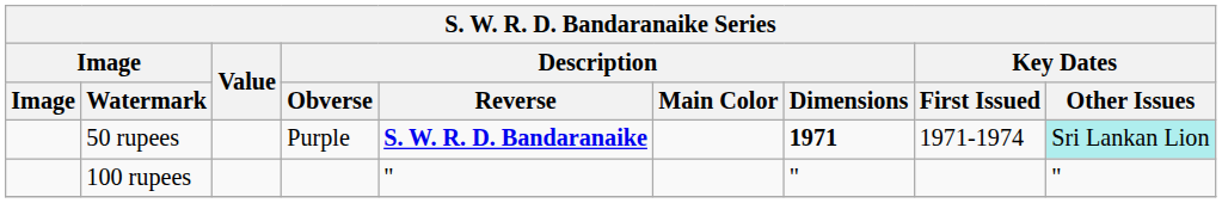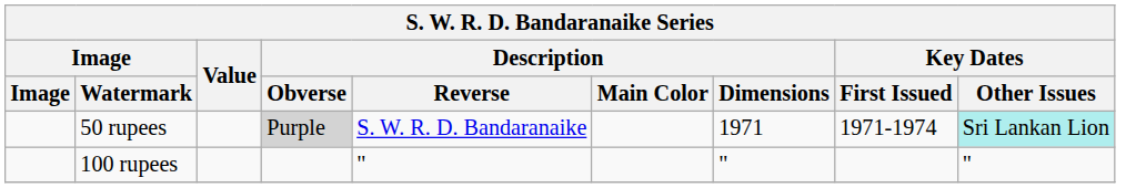 <table class="wikitable" style="font-size: 100%">
 <tr>
 <th colspan="10">S. W. R. D. Bandaranaike Series</th>
 </tr>
 <tr>
 <th colspan="2">Image</th>
 <th rowspan="2">Value</th>
 <th colspan="4">Description</th>
 <th colspan="2">Key Dates</th>
 </tr>
 <tr>
 <th>Image</th>
 <th>Watermark</th>
 <th>Obverse</th>
 <th>Reverse</th>
 <th>Main Color</th>
 <th>Dimensions</th>
 <th>First Issued</th>
 <th>Other Issues</th>
 </tr>
 <tr>
 <td></td>
 <td>50 rupees</td>
 <td></td>
-<td>Purple</td>
-<td><strong><a href='#'>S. W. R. D. Bandaranaike</a></strong></td>
+<td style="background: lightgrey;">Purple</td>
+<td><a href='#'>S. W. R. D. Bandaranaike</a></td>
 <td></td>
-<td><strong>1971</strong></td>
+<td>1971</td>
 <td>1971-1974</td>
 <td style="background: paleturquoise;">Sri Lankan Lion</td>
 </tr>
 <tr>
 <td></td>
 <td>100 rupees</td>
 <td></td>
 <td></td>
 <td>"</td>
 <td></td>
 <td>"</td>
 <td></td>
 <td>"</td>
 </tr>
 <tr>
 </tr>
 </table>
